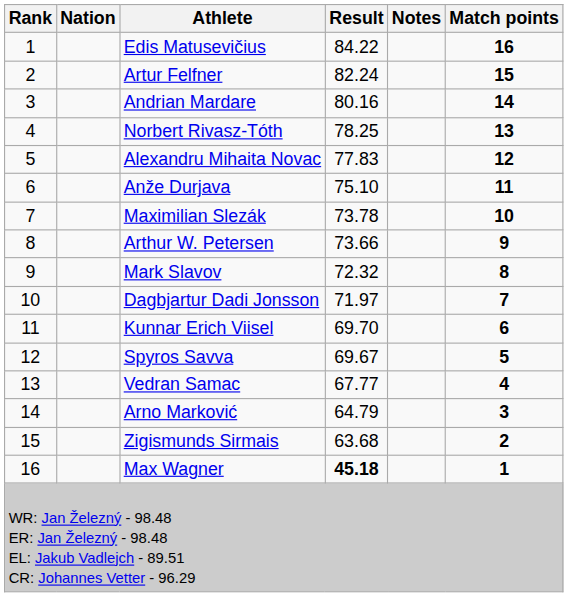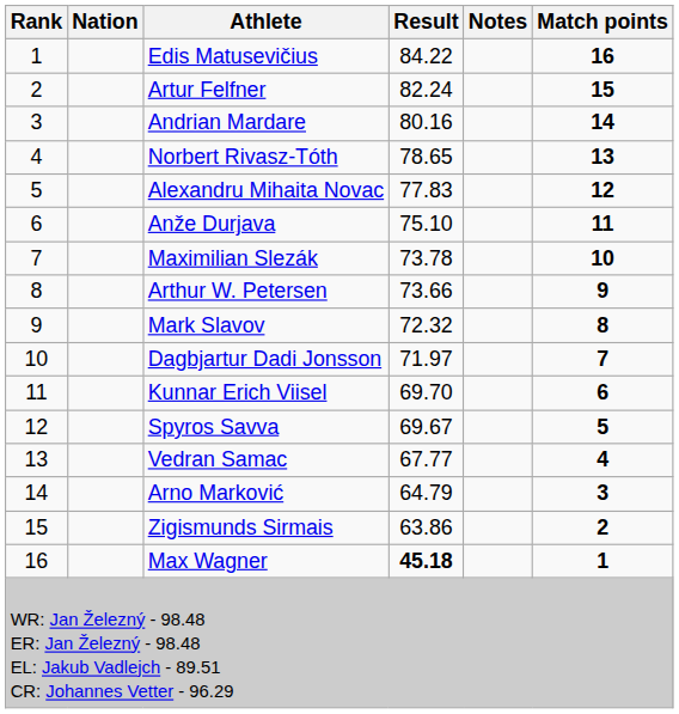 <table class="wikitable sortable" style="text-align:left;">
 <tr>
 <th>Rank</th>
 <th>Nation</th>
 <th>Athlete</th>
 <th>Result</th>
 <th>Notes</th>
 <th>Match points</th>
 </tr>
 <tr>
 <td align=center>1</td>
 <td></td>
 <td><a href='#'>Edis Matusevičius</a></td>
 <td align=center>84.22</td>
 <td align=center></td>
 <td align=center><strong>16</strong></td>
 </tr>
 <tr>
 <td align=center>2</td>
 <td></td>
 <td><a href='#'>Artur Felfner</a></td>
 <td align=center>82.24</td>
 <td align=center></td>
 <td align=center><strong>15</strong></td>
 </tr>
 <tr>
 <td align=center>3</td>
 <td></td>
 <td><a href='#'>Andrian Mardare</a></td>
 <td align=center>80.16</td>
 <td></td>
 <td align=center><strong>14</strong></td>
 </tr>
 <tr>
 <td align=center>4</td>
 <td></td>
 <td><a href='#'>Norbert Rivasz-Tóth</a></td>
-<td align=center>78.25</td>
+<td align=center>78.65</td>
 <td></td>
 <td align=center><strong>13</strong></td>
 </tr>
 <tr>
 <td align=center>5</td>
 <td></td>
 <td><a href='#'>Alexandru Mihaita Novac</a></td>
 <td align=center>77.83</td>
 <td align=center></td>
 <td align=center><strong>12</strong></td>
 </tr>
 <tr>
 <td align=center>6</td>
 <td></td>
 <td><a href='#'>Anže Durjava</a></td>
 <td align=center>75.10</td>
 <td></td>
 <td align=center><strong>11</strong></td>
 </tr>
 <tr>
 <td align=center>7</td>
 <td></td>
 <td><a href='#'>Maximilian Slezák</a></td>
 <td align=center>73.78</td>
 <td></td>
 <td align=center><strong>10</strong></td>
 </tr>
 <tr>
 <td align=center>8</td>
 <td></td>
 <td><a href='#'>Arthur W. Petersen</a></td>
 <td align=center>73.66</td>
 <td></td>
 <td align=center><strong>9</strong></td>
 </tr>
 <tr>
 <td align=center>9</td>
 <td></td>
 <td><a href='#'>Mark Slavov</a></td>
 <td align=center>72.32</td>
 <td align=center></td>
 <td align=center><strong>8</strong></td>
 </tr>
 <tr>
 <td align=center>10</td>
 <td></td>
 <td><a href='#'>Dagbjartur Dadi Jonsson</a></td>
 <td align=center>71.97</td>
 <td></td>
 <td align=center><strong>7</strong></td>
 </tr>
 <tr>
 <td align=center>11</td>
 <td></td>
 <td><a href='#'>Kunnar Erich Viisel</a></td>
 <td align=center>69.70</td>
 <td align=center></td>
 <td align=center><strong>6</strong></td>
 </tr>
 <tr>
 <td align=center>12</td>
 <td></td>
 <td><a href='#'>Spyros Savva</a></td>
 <td align=center>69.67</td>
 <td></td>
 <td align=center><strong>5</strong></td>
 </tr>
 <tr>
 <td align=center>13</td>
 <td></td>
 <td><a href='#'>Vedran Samac</a></td>
 <td align=center>67.77</td>
 <td></td>
 <td align=center><strong>4</strong></td>
 </tr>
 <tr>
 <td align=center>14</td>
 <td></td>
 <td><a href='#'>Arno Marković</a></td>
 <td align=center>64.79</td>
 <td></td>
 <td align=center><strong>3</strong></td>
 </tr>
 <tr>
 <td align=center>15</td>
 <td></td>
 <td><a href='#'>Zigismunds Sirmais</a></td>
-<td align=center>63.68</td>
+<td align=center>63.86</td>
 <td></td>
 <td align=center><strong>2</strong></td>
 </tr>
 <tr>
 <td align=center>16</td>
 <td></td>
 <td><a href='#'>Max Wagner</a></td>
 <td align=center><strong>45.18</strong></td>
 <td align=center></td>
 <td align=center><strong>1</strong></td>
 </tr>
 <tr>
 <td colspan="6" bgcolor="#cccccc"><br> <small>WR:   <a href='#'>Jan Železný</a> - 98.48<br>ER:  <a href='#'>Jan Železný</a> - 98.48<br></small> <small>EL:   <a href='#'>Jakub Vadlejch</a> - 89.51<br>CR:  <a href='#'>Johannes Vetter</a> - 96.29</small></td>
 </tr>
 </table>
